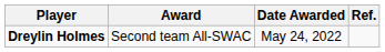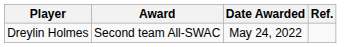 <table class="wikitable sortable sortable" style="text-align: center">
 <tr align=center>
 <th>Player</th>
 <th>Award</th>
 <th>Date Awarded</th>
 <th>Ref.</th>
 </tr>
 <tr>
-<td><strong>Dreylin Holmes</strong></td>
+<td>Dreylin Holmes</td>
 <td rowspan="1">Second team All-SWAC</td>
 <td rowspan="7">May 24, 2022</td>
 <td rowspan="7"></td>
 </tr>
 </table>
